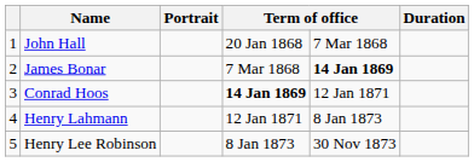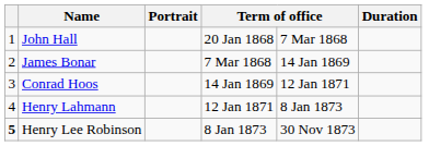 <table class="wikitable">
 <tr>
 <th></th>
 <th>Name</th>
 <th>Portrait</th>
 <th colspan=2>Term of office</th>
 <th>Duration</th>
 </tr>
 <tr>
 <td align=center>1</td>
 <td><a href='#'>John Hall</a></td>
 <td></td>
 <td>20 Jan 1868</td>
 <td>7 Mar 1868</td>
 <td></td>
 </tr>
 <tr>
 <td align=center>2</td>
 <td><a href='#'>James Bonar</a></td>
 <td></td>
 <td>7 Mar 1868</td>
-<td><strong>14 Jan 1869</strong></td>
+<td>14 Jan 1869</td>
 <td></td>
 </tr>
 <tr>
 <td align=center>3</td>
 <td><a href='#'>Conrad Hoos</a></td>
 <td></td>
-<td><strong>14 Jan 1869</strong></td>
+<td>14 Jan 1869</td>
 <td>12 Jan 1871</td>
 <td></td>
 </tr>
 <tr>
 <td align=center>4</td>
 <td><a href='#'>Henry Lahmann</a></td>
 <td></td>
 <td>12 Jan 1871</td>
 <td>8 Jan 1873</td>
 <td></td>
 </tr>
 <tr>
-<td align=center>5</td>
+<td align=center><strong>5</strong></td>
 <td>Henry Lee Robinson</td>
 <td></td>
 <td>8 Jan 1873</td>
 <td>30 Nov 1873</td>
 <td></td>
 </tr>
 </table>
